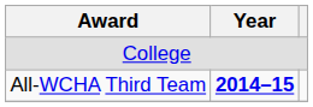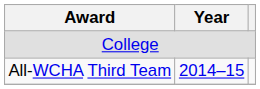 <table class="wikitable">
 <tr>
 <th>Award</th>
 <th>Year</th>
 <th></th>
 </tr>
 <tr ALIGN="center" bgcolor="#e0e0e0">
 <td colspan="3"><a href='#'>College</a></td>
 </tr>
 <tr>
 <td>All-<a href='#'>WCHA</a> <a href='#'>Third Team</a></td>
-<td><strong><a href='#'>2014–15</a></strong></td>
+<td><a href='#'>2014–15</a></td>
 <td></td>
 </tr>
 <tr>
 </tr>
 </table>
